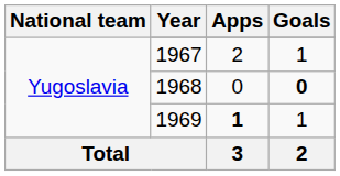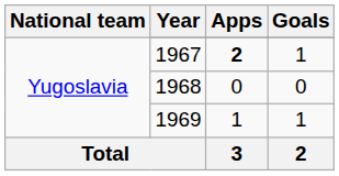 <table class=wikitable style=text-align:center>
 <tr>
 <th>National team</th>
 <th>Year</th>
 <th>Apps</th>
 <th>Goals</th>
 </tr>
 <tr>
 <td rowspan=4><a href='#'>Yugoslavia</a></td>
 </tr>
 <tr>
 <td>1967</td>
-<td>2</td>
+<td><strong>2</strong></td>
 <td>1</td>
 </tr>
 <tr>
 <td>1968</td>
 <td>0</td>
-<td><strong>0</strong></td>
+<td>0</td>
 </tr>
 <tr>
 <td>1969</td>
-<td><strong>1</strong></td>
+<td>1</td>
 <td>1</td>
 </tr>
 <tr>
 <th colspan=2>Total</th>
 <th>3</th>
 <th>2</th>
 </tr>
 </table>
